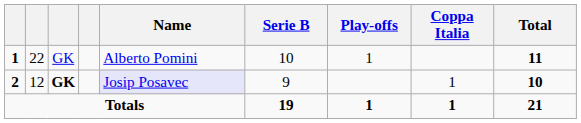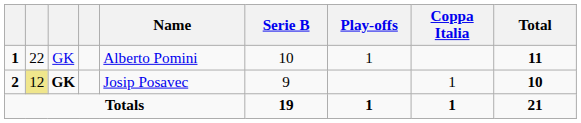 <table class="wikitable" style="text-align:center">
 <tr>
 <th width=15></th>
 <th width=15></th>
 <th width=15></th>
 <th width=15></th>
 <th width=145>Name</th>
 <th width=80><strong><a href='#'>Serie B</a></strong></th>
 <th width=80><strong><a href='#'>Play-offs</a></strong></th>
 <th width=80><strong><a href='#'>Coppa Italia</a></strong></th>
 <th width=80>Total</th>
 </tr>
 <tr>
 <td><strong>1</strong></td>
 <td>22</td>
 <td><a href='#'>GK</a></td>
 <td></td>
 <td align=left><a href='#'>Alberto Pomini</a></td>
 <td>10</td>
 <td>1</td>
 <td></td>
 <td><strong>11</strong></td>
 </tr>
 <tr>
 <td><strong>2</strong></td>
-<td>12</td>
+<td style="background: khaki;">12</td>
 <td><strong>GK</strong></td>
 <td></td>
-<td align=left style="background: lavender;"><a href='#'>Josip Posavec</a></td>
+<td align=left><a href='#'>Josip Posavec</a></td>
 <td>9</td>
 <td></td>
 <td>1</td>
 <td><strong>10</strong></td>
 </tr>
 <tr>
 <td colspan=5><strong>Totals</strong></td>
 <td><strong>19</strong></td>
 <td><strong>1</strong></td>
 <td><strong>1</strong></td>
 <td><strong>21</strong></td>
 </tr>
 </table>
